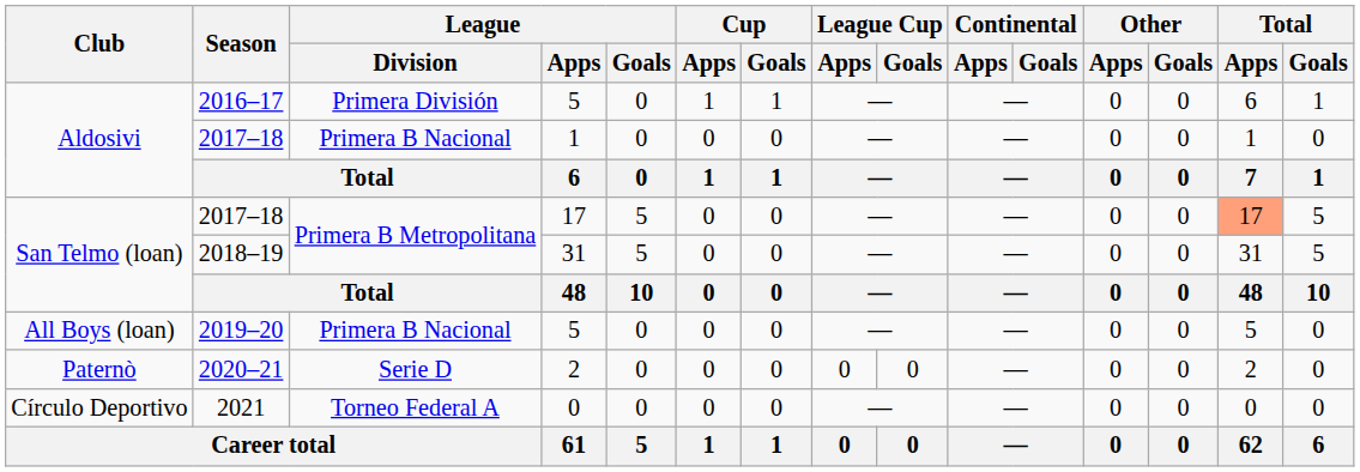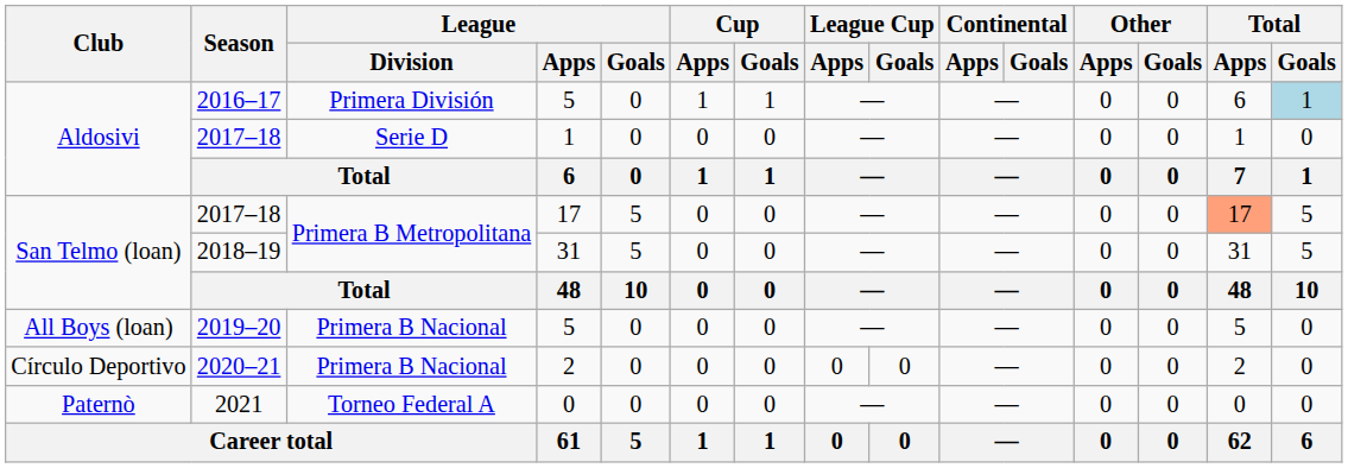 <table class="wikitable" style="text-align:center">
 <tr>
 <th rowspan="2">Club</th>
 <th rowspan="2">Season</th>
 <th colspan="3">League</th>
 <th colspan="2">Cup</th>
 <th colspan="2">League Cup</th>
 <th colspan="2">Continental</th>
 <th colspan="2">Other</th>
 <th colspan="2">Total</th>
 </tr>
 <tr>
 <th>Division</th>
 <th>Apps</th>
 <th>Goals</th>
 <th>Apps</th>
 <th>Goals</th>
 <th>Apps</th>
 <th>Goals</th>
 <th>Apps</th>
 <th>Goals</th>
 <th>Apps</th>
 <th>Goals</th>
 <th>Apps</th>
 <th>Goals</th>
 </tr>
 <tr>
 <td rowspan="3"><a href='#'>Aldosivi</a></td>
 <td><a href='#'>2016–17</a></td>
 <td rowspan="1"><a href='#'>Primera División</a></td>
 <td>5</td>
 <td>0</td>
 <td>1</td>
 <td>1</td>
 <td colspan="2">—</td>
 <td colspan="2">—</td>
 <td>0</td>
 <td>0</td>
 <td>6</td>
-<td>1</td>
+<td style="background: lightblue;">1</td>
 </tr>
 <tr>
 <td><a href='#'>2017–18</a></td>
-<td rowspan="1"><a href='#'>Primera B Nacional</a></td>
+<td rowspan="1"><a href='#'>Serie D</a></td>
 <td>1</td>
 <td>0</td>
 <td>0</td>
 <td>0</td>
 <td colspan="2">—</td>
 <td colspan="2">—</td>
 <td>0</td>
 <td>0</td>
 <td>1</td>
 <td>0</td>
 </tr>
 <tr>
 <th colspan="2">Total</th>
 <th>6</th>
 <th>0</th>
 <th>1</th>
 <th>1</th>
 <th colspan="2">—</th>
 <th colspan="2">—</th>
 <th>0</th>
 <th>0</th>
 <th>7</th>
 <th>1</th>
 </tr>
 <tr>
 <td rowspan="3"><a href='#'>San Telmo</a> (loan)</td>
 <td>2017–18</td>
 <td rowspan="2"><a href='#'>Primera B Metropolitana</a></td>
 <td>17</td>
 <td>5</td>
 <td>0</td>
 <td>0</td>
 <td colspan="2">—</td>
 <td colspan="2">—</td>
 <td>0</td>
 <td>0</td>
 <td style="background: lightsalmon;">17</td>
 <td>5</td>
 </tr>
 <tr>
 <td>2018–19</td>
 <td>31</td>
 <td>5</td>
 <td>0</td>
 <td>0</td>
 <td colspan="2">—</td>
 <td colspan="2">—</td>
 <td>0</td>
 <td>0</td>
 <td>31</td>
 <td>5</td>
 </tr>
 <tr>
 <th colspan="2">Total</th>
 <th>48</th>
 <th>10</th>
 <th>0</th>
 <th>0</th>
 <th colspan="2">—</th>
 <th colspan="2">—</th>
 <th>0</th>
 <th>0</th>
 <th>48</th>
 <th>10</th>
 </tr>
 <tr>
 <td rowspan="1"><a href='#'>All Boys</a> (loan)</td>
 <td><a href='#'>2019–20</a></td>
 <td rowspan="1"><a href='#'>Primera B Nacional</a></td>
 <td>5</td>
 <td>0</td>
 <td>0</td>
 <td>0</td>
 <td colspan="2">—</td>
 <td colspan="2">—</td>
 <td>0</td>
 <td>0</td>
 <td>5</td>
 <td>0</td>
 </tr>
 <tr>
-<td rowspan="1"><a href='#'>Paternò</a></td>
+<td rowspan="1">Círculo Deportivo</td>
 <td><a href='#'>2020–21</a></td>
-<td rowspan="1"><a href='#'>Serie D</a></td>
+<td rowspan="1"><a href='#'>Primera B Nacional</a></td>
 <td>2</td>
 <td>0</td>
 <td>0</td>
 <td>0</td>
 <td>0</td>
 <td>0</td>
 <td colspan="2">—</td>
 <td>0</td>
 <td>0</td>
 <td>2</td>
 <td>0</td>
 </tr>
 <tr>
-<td rowspan="1">Círculo Deportivo</td>
+<td rowspan="1"><a href='#'>Paternò</a></td>
 <td>2021</td>
 <td rowspan="1"><a href='#'>Torneo Federal A</a></td>
 <td>0</td>
 <td>0</td>
 <td>0</td>
 <td>0</td>
 <td colspan="2">—</td>
 <td colspan="2">—</td>
 <td>0</td>
 <td>0</td>
 <td>0</td>
 <td>0</td>
 </tr>
 <tr>
 <th colspan="3">Career total</th>
 <th>61</th>
 <th>5</th>
 <th>1</th>
 <th>1</th>
 <th>0</th>
 <th>0</th>
 <th colspan="2">—</th>
 <th>0</th>
 <th>0</th>
 <th>62</th>
 <th>6</th>
 </tr>
 </table>
